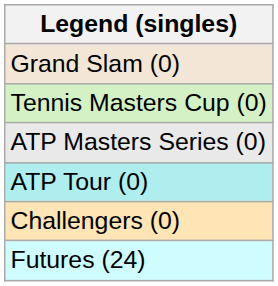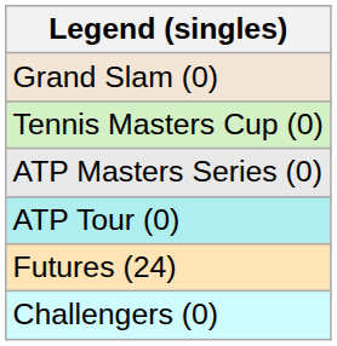 <table class="wikitable">
 <tr>
 <th>Legend (singles)</th>
 </tr>
 <tr style="background:#f3e6d7;">
 <td>Grand Slam (0)</td>
 </tr>
 <tr style="background:#d4f1c5;">
 <td>Tennis Masters Cup (0)</td>
 </tr>
 <tr style="background:#e9e9e9;">
 <td>ATP Masters Series (0)</td>
 </tr>
 <tr>
 <td style="background: paleturquoise;">ATP Tour (0)</td>
 </tr>
 <tr bgcolor="moccasin">
+<td>Futures (24)</td>
+</tr>
+<tr style="background:#cffcff;">
 <td>Challengers (0)</td>
 </tr>
-<tr style="background:#cffcff;">
-<td>Futures (24)</td>
-</tr>
 </table>
